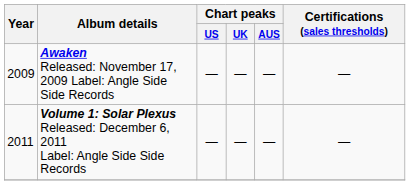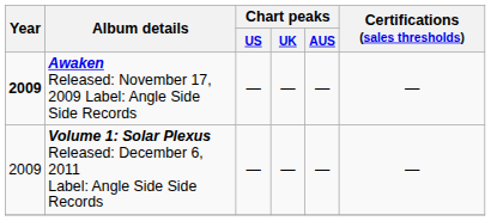 <table class="wikitable">
 <tr>
 <th rowspan="2">Year</th>
 <th rowspan="2" width="200">Album details</th>
 <th colspan="3">Chart peaks</th>
 <th rowspan="2" width="150">Certifications<br><small>(<a href='#'>sales thresholds</a>)</small></th>
 </tr>
 <tr>
 <th width="30"><small><a href='#'>US</a></small></th>
 <th width="30"><small><a href='#'>UK</a></small></th>
 <th width="30"><small><a href='#'>AUS</a></small></th>
 </tr>
 <tr>
-<td>2009</td>
+<td><strong>2009</strong></td>
 <td><strong><em><a href='#'>Awaken</a></em></strong><br>Released: November 17, 2009 Label: Angle Side Side Records</td>
 <td align="center">—</td>
 <td align="center">—</td>
 <td align="center">—</td>
 <td align="center">—</td>
 </tr>
 <tr>
-<td>2011</td>
+<td>2009</td>
 <td><strong><em>Volume 1: Solar Plexus</em></strong><br>Released: December 6, 2011<br>Label: Angle Side Side Records</td>
 <td align="center">—</td>
 <td align="center">—</td>
 <td align="center">—</td>
 <td align="center">—</td>
 </tr>
 <tr>
 </tr>
 </table>
